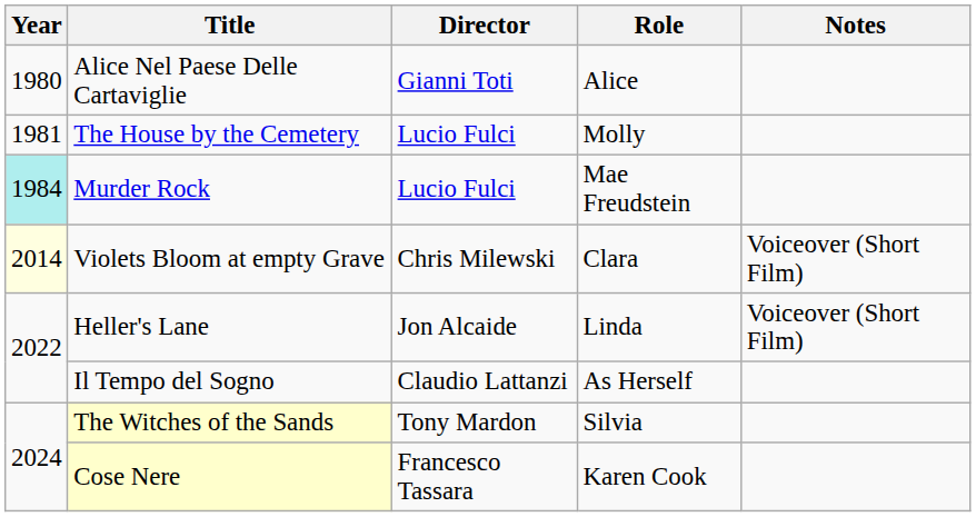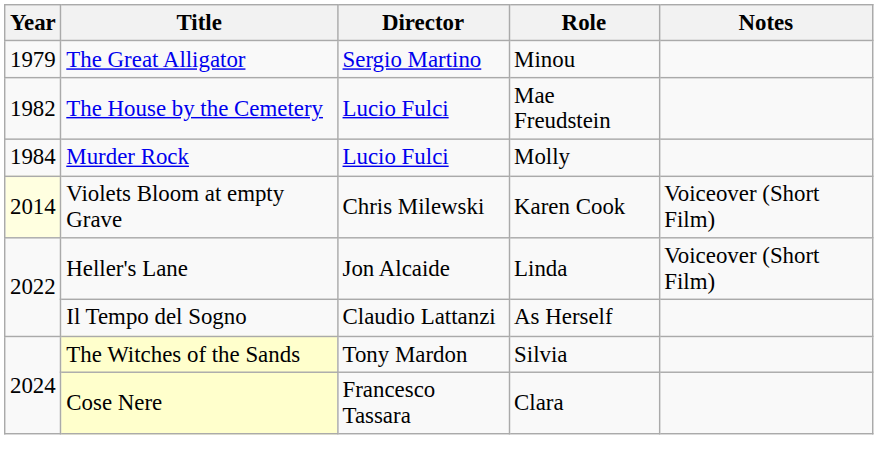 <table class="wikitable sortable">
 <tr>
 <th>Year</th>
 <th>Title</th>
 <th>Director</th>
 <th>Role</th>
 <th>Notes</th>
 </tr>
 <tr>
-<td>1980</td>
-<td>Alice Nel Paese Delle Cartaviglie</td>
-<td><a href='#'>Gianni Toti</a></td>
-<td>Alice</td>
+<td>1979</td>
+<td><a href='#'>The Great Alligator</a></td>
+<td><a href='#'>Sergio Martino</a></td>
+<td>Minou</td>
 <td></td>
 </tr>
 <tr>
-<td>1981</td>
+<td>1982</td>
 <td><a href='#'>The House by the Cemetery</a></td>
 <td><a href='#'>Lucio Fulci</a></td>
-<td>Molly</td>
+<td>Mae Freudstein</td>
 <td></td>
 </tr>
 <tr>
-<td style="background: paleturquoise;">1984</td>
+<td>1984</td>
 <td><a href='#'>Murder Rock</a></td>
 <td><a href='#'>Lucio Fulci</a></td>
-<td>Mae Freudstein</td>
+<td>Molly</td>
 <td></td>
 </tr>
 <tr>
 <td style="background: lightyellow;">2014</td>
 <td>Violets Bloom at empty Grave</td>
 <td>Chris Milewski</td>
-<td>Clara</td>
+<td>Karen Cook</td>
 <td>Voiceover (Short Film)</td>
 </tr>
 <tr>
 <td rowspan="2">2022</td>
 <td>Heller's Lane</td>
 <td>Jon Alcaide</td>
 <td>Linda</td>
 <td>Voiceover (Short Film)</td>
 </tr>
 <tr>
 <td>Il Tempo del Sogno</td>
 <td>Claudio Lattanzi</td>
 <td>As Herself</td>
 <td></td>
 </tr>
 <tr>
 <td rowspan="2">2024</td>
 <td style="background:#ffc;”">The Witches of the Sands </td>
 <td>Tony Mardon</td>
 <td>Silvia</td>
 <td></td>
 </tr>
 <tr>
 <td style="background:#ffc;”">Cose Nere </td>
 <td>Francesco Tassara</td>
-<td>Karen Cook</td>
+<td>Clara</td>
 <td></td>
 </tr>
 </table>
